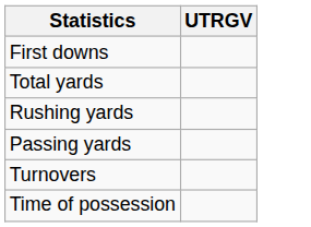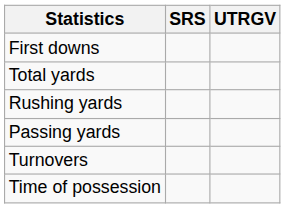 <table class="wikitable" style="float:left">
 <tr>
 <th>Statistics</th>
+<th>SRS</th>
 <th>UTRGV</th>
 </tr>
 <tr>
 <td>First downs</td>
 <td></td>
+<td></td>
 </tr>
 <tr>
 <td>Total yards</td>
+<td></td>
 <td></td>
 </tr>
 <tr>
 <td>Rushing yards</td>
 <td></td>
+<td></td>
 </tr>
 <tr>
 <td>Passing yards</td>
+<td></td>
 <td></td>
 </tr>
 <tr>
 <td>Turnovers</td>
 <td></td>
+<td></td>
 </tr>
 <tr>
 <td>Time of possession</td>
 <td></td>
+<td></td>
 </tr>
 </table>
